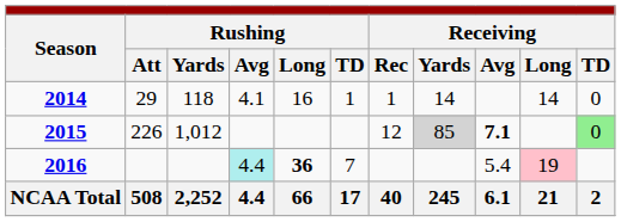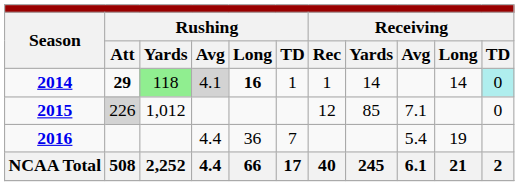 <table class=wikitable style="text-align:center;">
 <tr>
 <td ! colspan="14" style="background:#990000;color:#FAEBD7;"></td>
 </tr>
 <tr>
 <th rowspan=2>Season</th>
 <th colspan=5>Rushing</th>
 <th colspan=5>Receiving</th>
 </tr>
 <tr>
 <th>Att</th>
 <th>Yards</th>
 <th>Avg</th>
 <th>Long</th>
 <th>TD</th>
 <th>Rec</th>
 <th>Yards</th>
 <th>Avg</th>
 <th>Long</th>
 <th>TD</th>
 </tr>
 <tr>
 <td><strong><a href='#'>2014</a></strong></td>
-<td>29</td>
-<td>118</td>
-<td>4.1</td>
-<td>16</td>
+<td><strong>29</strong></td>
+<td style="background: lightgreen;">118</td>
+<td style="background: lightgrey;">4.1</td>
+<td><strong>16</strong></td>
 <td>1</td>
 <td>1</td>
 <td>14</td>
 <td></td>
 <td>14</td>
-<td>0</td>
+<td style="background: paleturquoise;">0</td>
 </tr>
 <tr>
 <td><strong><a href='#'>2015</a></strong></td>
-<td>226</td>
+<td style="background: lightgrey;">226</td>
 <td>1,012</td>
 <td></td>
 <td></td>
 <td></td>
 <td>12</td>
-<td style="background: lightgrey;">85</td>
-<td><strong>7.1</strong></td>
+<td>85</td>
+<td>7.1</td>
 <td></td>
-<td style="background: lightgreen;">0</td>
+<td>0</td>
 </tr>
 <tr>
 <td><strong><a href='#'>2016</a></strong></td>
 <td></td>
 <td></td>
-<td style="background: paleturquoise;">4.4</td>
-<td><strong>36</strong></td>
+<td>4.4</td>
+<td>36</td>
 <td>7</td>
 <td></td>
 <td></td>
 <td>5.4</td>
-<td style="background: pink;">19</td>
+<td>19</td>
 <td></td>
 </tr>
 <tr>
 <th>NCAA Total</th>
 <th>508</th>
 <th>2,252</th>
 <th>4.4</th>
 <th>66</th>
 <th>17</th>
 <th>40</th>
 <th>245</th>
 <th>6.1</th>
 <th>21</th>
 <th>2</th>
 </tr>
 <tr class="sortbottom" style="background:#eee;">
 </tr>
 </table>
